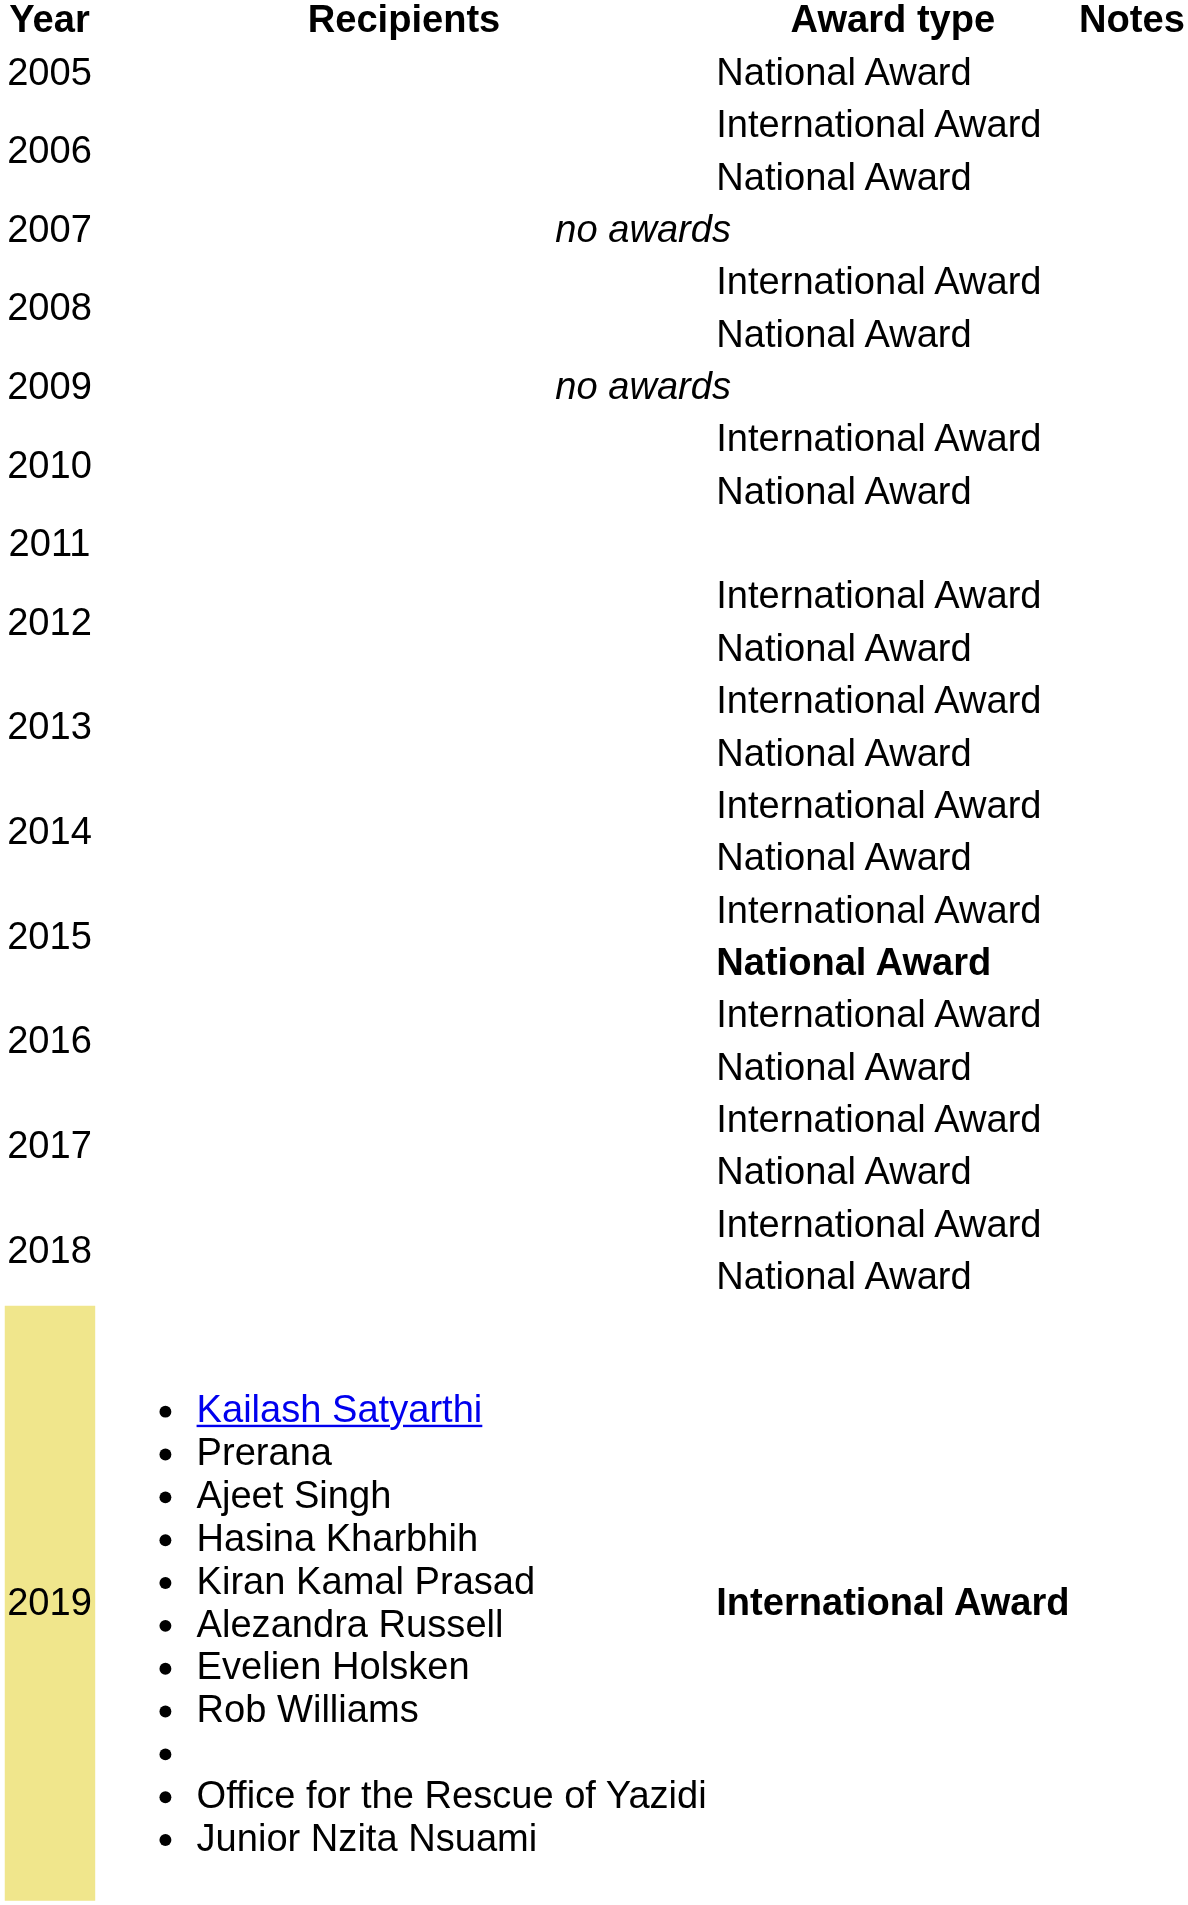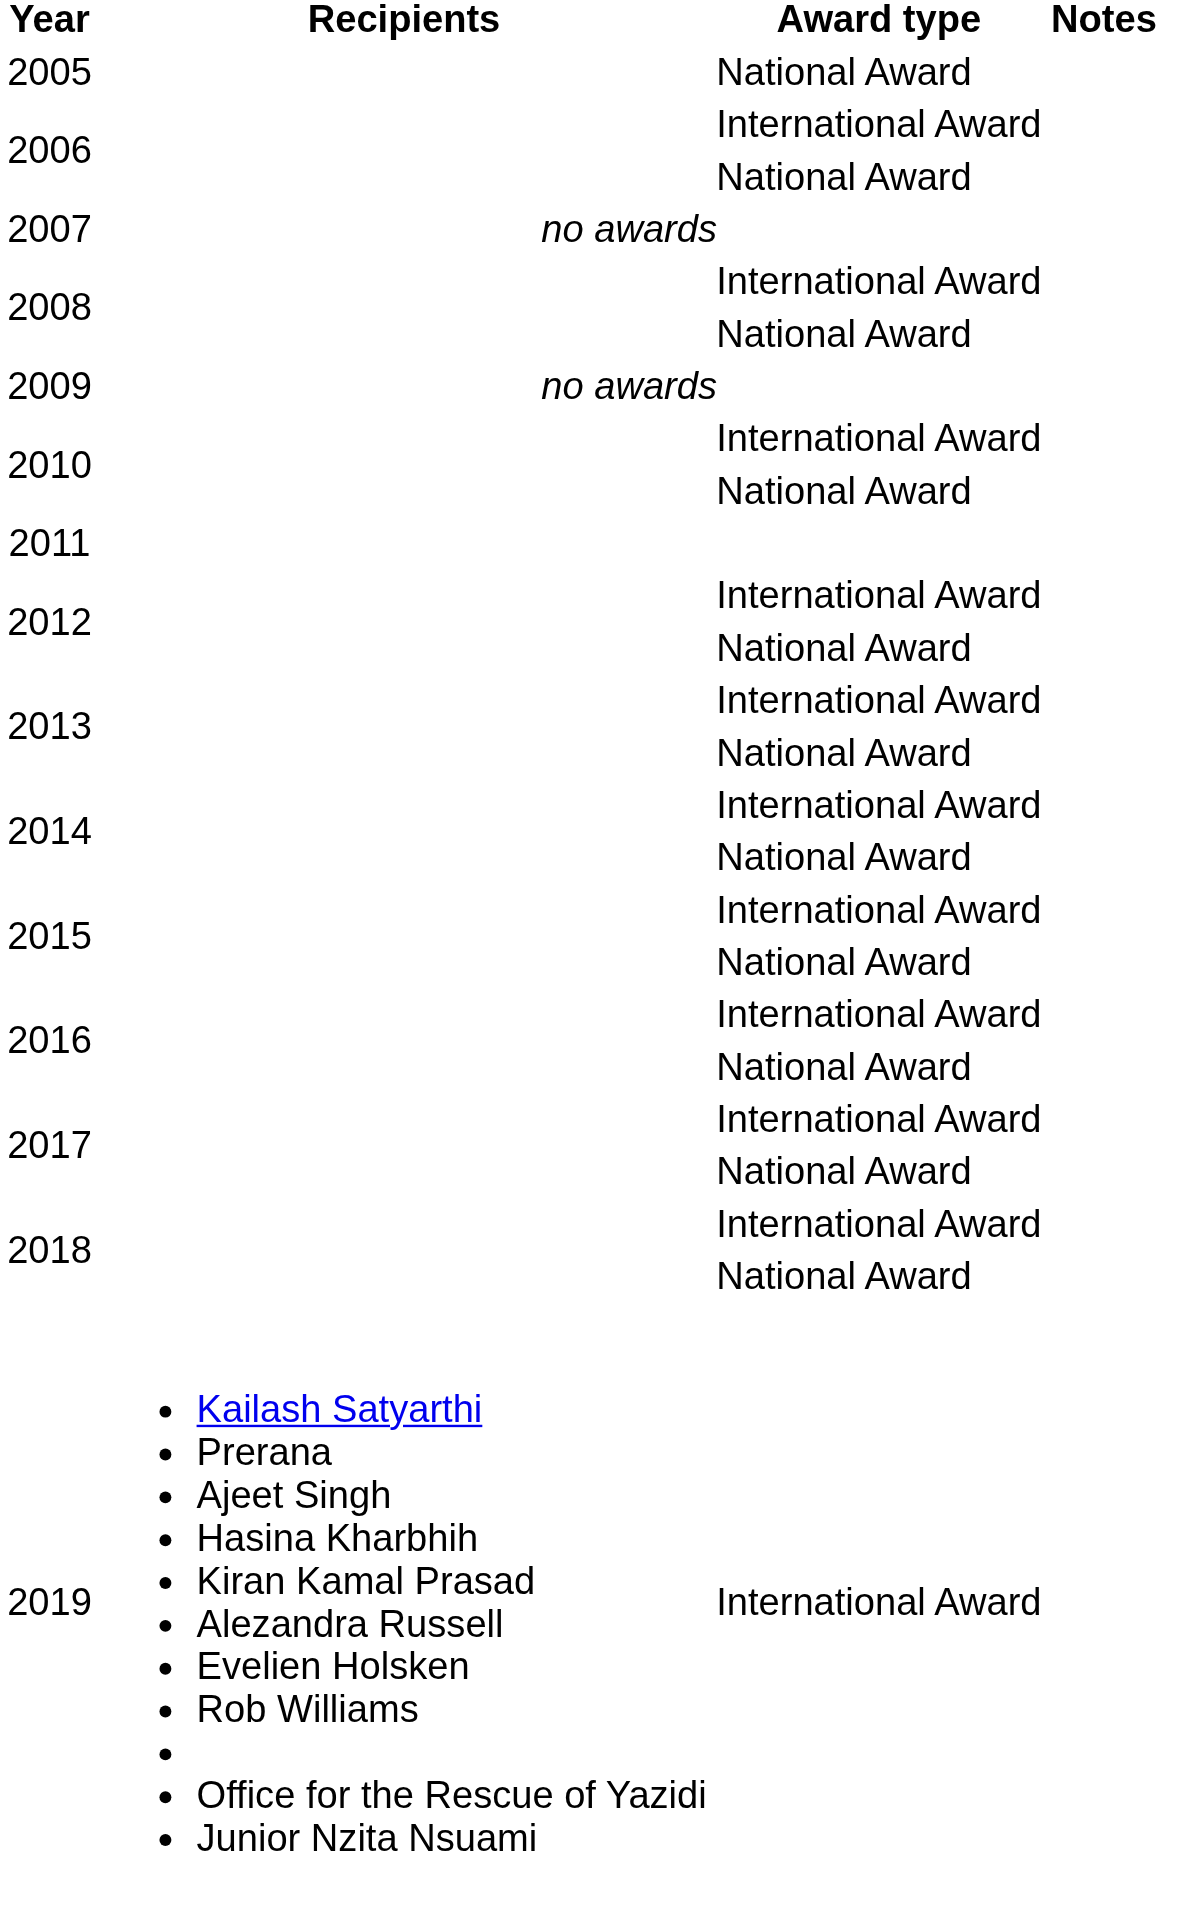 <table>
 <tr>
 <th>Year</th>
 <th>Recipients</th>
 <th>Award type</th>
 <th>Notes</th>
 </tr>
 <tr>
 <td align=center>2005</td>
 <td></td>
 <td>National Award</td>
 <td></td>
 </tr>
 <tr>
 <td align=center rowspan=2>2006</td>
 <td></td>
 <td>International Award</td>
 <td rowspan=2></td>
 </tr>
 <tr>
 <td></td>
 <td>National Award</td>
 </tr>
 <tr>
 <td align=center>2007</td>
 <td align=center colspan=3><em>no awards</em></td>
 </tr>
 <tr>
 <td align=center rowspan=2>2008</td>
 <td></td>
 <td>International Award</td>
 <td rowspan=2></td>
 </tr>
 <tr>
 <td></td>
 <td>National Award</td>
 </tr>
 <tr>
 <td align=center>2009</td>
 <td align=center colspan=3><em>no awards</em></td>
 </tr>
 <tr>
 <td align=center rowspan=2>2010</td>
 <td></td>
 <td>International Award</td>
 <td rowspan=2></td>
 </tr>
 <tr>
 <td></td>
 <td>National Award</td>
 </tr>
 <tr>
 <td align=center>2011</td>
 <td {bulleted list><a href='#'></a></td>
 <td></td>
 <td></td>
 </tr>
 <tr>
 <td align=center rowspan=2>2012</td>
 <td></td>
 <td>International Award</td>
 <td rowspan=2></td>
 </tr>
 <tr>
 <td></td>
 <td>National Award</td>
 </tr>
 <tr>
 <td align=center rowspan=2>2013</td>
 <td></td>
 <td>International Award</td>
 <td rowspan=2></td>
 </tr>
 <tr>
 <td></td>
 <td>National Award</td>
 </tr>
 <tr>
 <td align=center rowspan=2>2014</td>
 <td></td>
 <td>International Award</td>
 <td rowspan=2></td>
 </tr>
 <tr>
 <td></td>
 <td>National Award</td>
 </tr>
 <tr>
 <td align=center rowspan=2>2015</td>
 <td></td>
 <td>International Award</td>
 <td rowspan=2></td>
 </tr>
 <tr>
 <td></td>
-<td><strong>National Award</strong></td>
+<td>National Award</td>
 </tr>
 <tr>
 <td align=center rowspan=2>2016</td>
 <td></td>
 <td>International Award</td>
 <td rowspan=2></td>
 </tr>
 <tr>
 <td></td>
 <td>National Award</td>
 </tr>
 <tr>
 <td align=center rowspan=2>2017</td>
 <td></td>
 <td>International Award</td>
 <td rowspan=2></td>
 </tr>
 <tr>
 <td></td>
 <td>National Award</td>
 </tr>
 <tr>
 <td align=center rowspan=2>2018</td>
 <td></td>
 <td>International Award</td>
 <td rowspan=2></td>
 </tr>
 <tr>
 <td></td>
 <td>National Award</td>
 </tr>
 <tr>
-<td style="background: khaki;">2019</td>
+<td>2019</td>
 <td><br><ul><li><a href='#'>Kailash Satyarthi</a></li><li>Prerana</li><li>Ajeet Singh</li><li>Hasina Kharbhih</li><li>Kiran Kamal Prasad</li><li>Alezandra Russell</li><li>Evelien Holsken</li><li>Rob Williams</li><li></li><li>Office for the Rescue of Yazidi</li><li>Junior Nzita Nsuami</li></ul></td>
-<td><strong>International Award</strong></td>
+<td>International Award</td>
 <td></td>
 </tr>
 </table>
